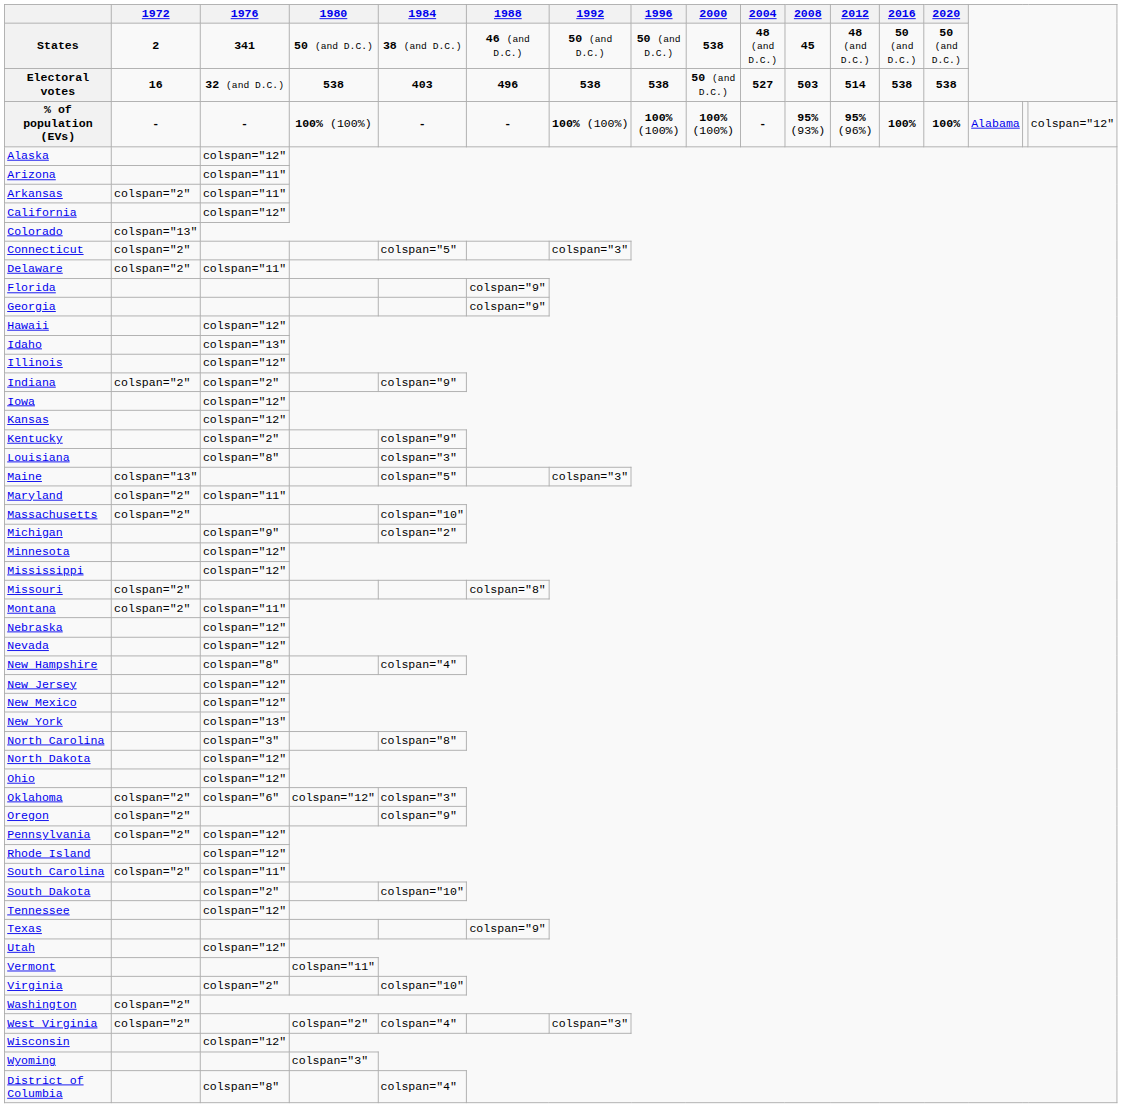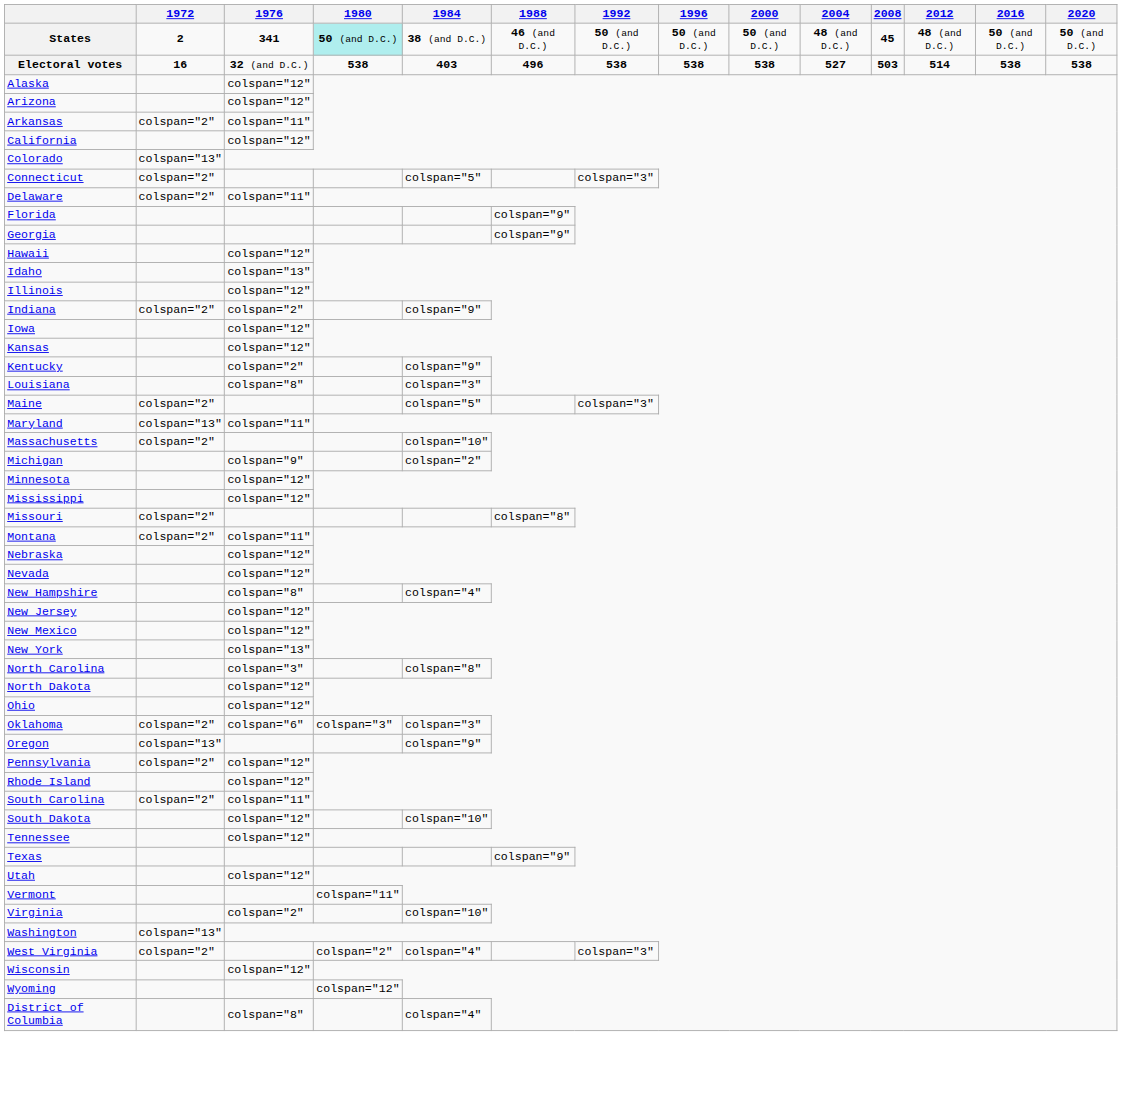 <table class=wikitable>
 <tr>
 <th></th>
 <th style="text-align:center;"><a href='#'>1972</a></th>
 <th style="text-align:center;"><a href='#'>1976</a></th>
 <th style="text-align:center;"><a href='#'>1980</a></th>
 <th style="text-align:center;"><a href='#'>1984</a></th>
 <th style="text-align:center;"><a href='#'>1988</a></th>
 <th style="text-align:center;"><a href='#'>1992</a></th>
 <th style="text-align:center;"><a href='#'>1996</a></th>
 <th style="text-align:center;"><a href='#'>2000</a></th>
 <th style="text-align:center;"><a href='#'>2004</a></th>
 <th style="text-align:center;"><a href='#'>2008</a></th>
 <th style="text-align:center;"><a href='#'>2012</a></th>
 <th style="text-align:center;"><a href='#'>2016</a></th>
 <th style="text-align:center;"><a href='#'>2020</a></th>
 </tr>
 <tr>
 <th>States</th>
 <td align=center><strong>2</strong></td>
 <td align=center><strong>341</strong></td>
-<td align=center><strong>50</strong> <small>(and D.C.)</small></td>
+<td align=center style="background: paleturquoise;"><strong>50</strong> <small>(and D.C.)</small></td>
 <td align=center><strong>38</strong> <small>(and D.C.)</small></td>
 <td align=center><strong>46</strong> <small>(and D.C.)</small></td>
 <td align=center><strong>50</strong> <small>(and D.C.)</small></td>
 <td align=center><strong>50</strong> <small>(and D.C.)</small></td>
-<td align=center><strong>538</strong></td>
+<td align=center><strong>50</strong> <small>(and D.C.)</small></td>
 <td align=center><strong>48</strong> <small>(and D.C.)</small></td>
 <td align=center><strong>45</strong></td>
 <td align=center><strong>48</strong> <small>(and D.C.)</small></td>
 <td align=center><strong>50</strong> <small>(and D.C.)</small></td>
 <td align=center><strong>50</strong> <small>(and D.C.)</small></td>
 </tr>
 <tr>
 <th>Electoral votes</th>
 <td align=center><strong>16</strong></td>
 <td align=center><strong>32</strong> <small>(and D.C.)</small></td>
 <td align=center><strong>538</strong></td>
 <td align=center><strong>403</strong></td>
 <td align=center><strong>496</strong></td>
 <td align=center><strong>538</strong></td>
 <td align=center><strong>538</strong></td>
-<td align=center><strong>50</strong> <small>(and D.C.)</small></td>
+<td align=center><strong>538</strong></td>
 <td align=center><strong>527</strong></td>
 <td align=center><strong>503</strong></td>
 <td align=center><strong>514</strong></td>
 <td align=center><strong>538</strong></td>
 <td align=center><strong>538</strong></td>
-</tr>
-<tr>
-<th>% of population (EVs)</th>
-<td align=center><strong>-</strong></td>
-<td align=center><strong>-</strong></td>
-<td align=center><strong>100%</strong> (100%)</td>
-<td align=center><strong>-</strong></td>
-<td align=center><strong>-</strong></td>
-<td align=center><strong>100%</strong> (100%)</td>
-<td align=center><strong>100%</strong> (100%)</td>
-<td align=center><strong>100%</strong> (100%)</td>
-<td align=center><strong>-</strong></td>
-<td align=center><strong>95%</strong> (93%)</td>
-<td align=center><strong>95%</strong> (96%)</td>
-<td align=center><strong>100%</strong></td>
-<td align=center><strong>100%</strong><br></td>
-<td><a href='#'>Alabama</a></td>
-<td></td>
-<td>colspan="12" </td>
 </tr>
 <tr>
 <td><a href='#'>Alaska</a></td>
 <td></td>
 <td>colspan="12" </td>
 </tr>
 <tr>
 <td><a href='#'>Arizona</a></td>
 <td></td>
-<td>colspan="11" </td>
+<td>colspan="12" </td>
 </tr>
 <tr>
 <td><a href='#'>Arkansas</a></td>
 <td>colspan="2" </td>
 <td>colspan="11" </td>
 </tr>
 <tr>
 <td><a href='#'>California</a></td>
 <td></td>
 <td>colspan="12" </td>
 </tr>
 <tr>
 <td><a href='#'>Colorado</a></td>
 <td>colspan="13" </td>
 </tr>
 <tr>
 <td><a href='#'>Connecticut</a></td>
 <td>colspan="2" </td>
 <td></td>
 <td></td>
 <td>colspan="5" </td>
 <td></td>
 <td>colspan="3" </td>
 </tr>
 <tr>
 <td><a href='#'>Delaware</a></td>
 <td>colspan="2" </td>
 <td>colspan="11" </td>
 </tr>
 <tr>
 <td><a href='#'>Florida</a></td>
 <td></td>
 <td></td>
 <td></td>
 <td></td>
 <td>colspan="9" </td>
 </tr>
 <tr>
 <td><a href='#'>Georgia</a></td>
 <td></td>
 <td></td>
 <td></td>
 <td></td>
 <td>colspan="9" </td>
 </tr>
 <tr>
 <td><a href='#'>Hawaii</a></td>
 <td></td>
 <td>colspan="12" </td>
 </tr>
 <tr>
 <td><a href='#'>Idaho</a></td>
 <td></td>
 <td>colspan="13" </td>
 </tr>
 <tr>
 <td><a href='#'>Illinois</a></td>
 <td></td>
 <td>colspan="12" </td>
 </tr>
 <tr>
 <td><a href='#'>Indiana</a></td>
 <td>colspan="2" </td>
 <td>colspan="2" </td>
 <td></td>
 <td>colspan="9" </td>
 </tr>
 <tr>
 <td><a href='#'>Iowa</a></td>
 <td></td>
 <td>colspan="12" </td>
 </tr>
 <tr>
 <td><a href='#'>Kansas</a></td>
 <td></td>
 <td>colspan="12" </td>
 </tr>
 <tr>
 <td><a href='#'>Kentucky</a></td>
 <td></td>
 <td>colspan="2" </td>
 <td></td>
 <td>colspan="9" </td>
 </tr>
 <tr>
 <td><a href='#'>Louisiana</a></td>
 <td></td>
 <td>colspan="8" </td>
 <td></td>
 <td>colspan="3" </td>
 </tr>
 <tr>
 <td><a href='#'>Maine</a></td>
-<td>colspan="13" </td>
+<td>colspan="2" </td>
 <td></td>
 <td></td>
 <td>colspan="5" </td>
 <td></td>
 <td>colspan="3" </td>
 </tr>
 <tr>
 <td><a href='#'>Maryland</a></td>
-<td>colspan="2" </td>
+<td>colspan="13" </td>
 <td>colspan="11" </td>
 </tr>
 <tr>
 <td><a href='#'>Massachusetts</a></td>
 <td>colspan="2" </td>
 <td></td>
 <td></td>
 <td>colspan="10" </td>
 </tr>
 <tr>
 <td><a href='#'>Michigan</a></td>
 <td></td>
 <td>colspan="9" </td>
 <td></td>
 <td>colspan="2" </td>
 </tr>
 <tr>
 <td><a href='#'>Minnesota</a></td>
 <td></td>
 <td>colspan="12" </td>
 </tr>
 <tr>
 <td><a href='#'>Mississippi</a></td>
 <td></td>
 <td>colspan="12" </td>
 </tr>
 <tr>
 <td><a href='#'>Missouri</a></td>
 <td>colspan="2" </td>
 <td></td>
 <td></td>
 <td></td>
 <td>colspan="8" </td>
 </tr>
 <tr>
 <td><a href='#'>Montana</a></td>
 <td>colspan="2" </td>
 <td>colspan="11" </td>
 </tr>
 <tr>
 <td><a href='#'>Nebraska</a></td>
 <td></td>
 <td>colspan="12" </td>
 </tr>
 <tr>
 <td><a href='#'>Nevada</a></td>
 <td></td>
 <td>colspan="12" </td>
 </tr>
 <tr>
 <td><a href='#'>New Hampshire</a></td>
 <td></td>
 <td>colspan="8" </td>
 <td></td>
 <td>colspan="4" </td>
 </tr>
 <tr>
 <td><a href='#'>New Jersey</a></td>
 <td></td>
 <td>colspan="12" </td>
 </tr>
 <tr>
 <td><a href='#'>New Mexico</a></td>
 <td></td>
 <td>colspan="12" </td>
 </tr>
 <tr>
 <td><a href='#'>New York</a></td>
 <td></td>
 <td>colspan="13" </td>
 </tr>
 <tr>
 <td><a href='#'>North Carolina</a></td>
 <td></td>
 <td>colspan="3" </td>
 <td></td>
 <td>colspan="8" </td>
 </tr>
 <tr>
 <td><a href='#'>North Dakota</a></td>
 <td></td>
 <td>colspan="12" </td>
 </tr>
 <tr>
 <td><a href='#'>Ohio</a></td>
 <td></td>
 <td>colspan="12" </td>
 </tr>
 <tr>
 <td><a href='#'>Oklahoma</a></td>
 <td>colspan="2" </td>
 <td>colspan="6" </td>
-<td>colspan="12" </td>
+<td>colspan="3" </td>
 <td>colspan="3" </td>
 </tr>
 <tr>
 <td><a href='#'>Oregon</a></td>
-<td>colspan="2" </td>
+<td>colspan="13" </td>
 <td></td>
 <td></td>
 <td>colspan="9" </td>
 </tr>
 <tr>
 <td><a href='#'>Pennsylvania</a></td>
 <td>colspan="2" </td>
 <td>colspan="12" </td>
 </tr>
 <tr>
 <td><a href='#'>Rhode Island</a></td>
 <td></td>
 <td>colspan="12" </td>
 </tr>
 <tr>
 <td><a href='#'>South Carolina</a></td>
 <td>colspan="2" </td>
 <td>colspan="11" </td>
 </tr>
 <tr>
 <td><a href='#'>South Dakota</a></td>
 <td></td>
-<td>colspan="2" </td>
+<td>colspan="12" </td>
 <td></td>
 <td>colspan="10" </td>
 </tr>
 <tr>
 <td><a href='#'>Tennessee</a></td>
 <td></td>
 <td>colspan="12" </td>
 </tr>
 <tr>
 <td><a href='#'>Texas</a></td>
 <td></td>
 <td></td>
 <td></td>
 <td></td>
 <td>colspan="9" </td>
 </tr>
 <tr>
 <td><a href='#'>Utah</a></td>
 <td></td>
 <td>colspan="12" </td>
 </tr>
 <tr>
 <td><a href='#'>Vermont</a></td>
 <td></td>
 <td></td>
 <td>colspan="11" </td>
 </tr>
 <tr>
 <td><a href='#'>Virginia</a></td>
 <td></td>
 <td>colspan="2" </td>
 <td></td>
 <td>colspan="10" </td>
 </tr>
 <tr>
 <td><a href='#'>Washington</a></td>
-<td>colspan="2" </td>
+<td>colspan="13" </td>
 </tr>
 <tr>
 <td><a href='#'>West Virginia</a></td>
 <td>colspan="2" </td>
 <td></td>
 <td>colspan="2" </td>
 <td>colspan="4" </td>
 <td></td>
 <td>colspan="3" </td>
 </tr>
 <tr>
 <td><a href='#'>Wisconsin</a></td>
 <td></td>
 <td>colspan="12" </td>
 </tr>
 <tr>
 <td><a href='#'>Wyoming</a></td>
 <td></td>
 <td></td>
-<td>colspan="3" </td>
+<td>colspan="12" </td>
 </tr>
 <tr>
 <td><a href='#'>District of Columbia</a></td>
 <td></td>
 <td>colspan="8" </td>
 <td></td>
 <td>colspan="4" </td>
 </tr>
 </table>
